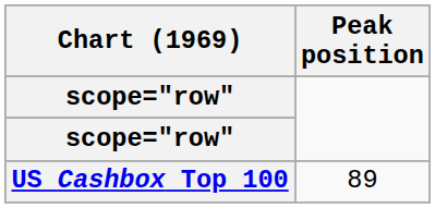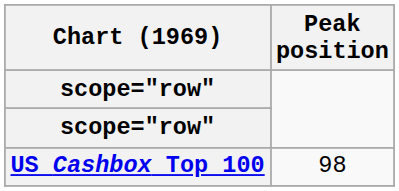 <table class="wikitable sortable plainrowheaders">
 <tr>
 <th scope="col">Chart (1969)</th>
 <th scope="col">Peak<br>position</th>
 </tr>
 <tr>
 <th>scope="row" </th>
 </tr>
 <tr>
 <th>scope="row" </th>
 </tr>
 <tr>
 <th scope="row"><a href='#'>US <em>Cashbox</em> Top 100</a></th>
-<td style="text-align:center;">89</td>
+<td style="text-align:center;">98</td>
 </tr>
 </table>
